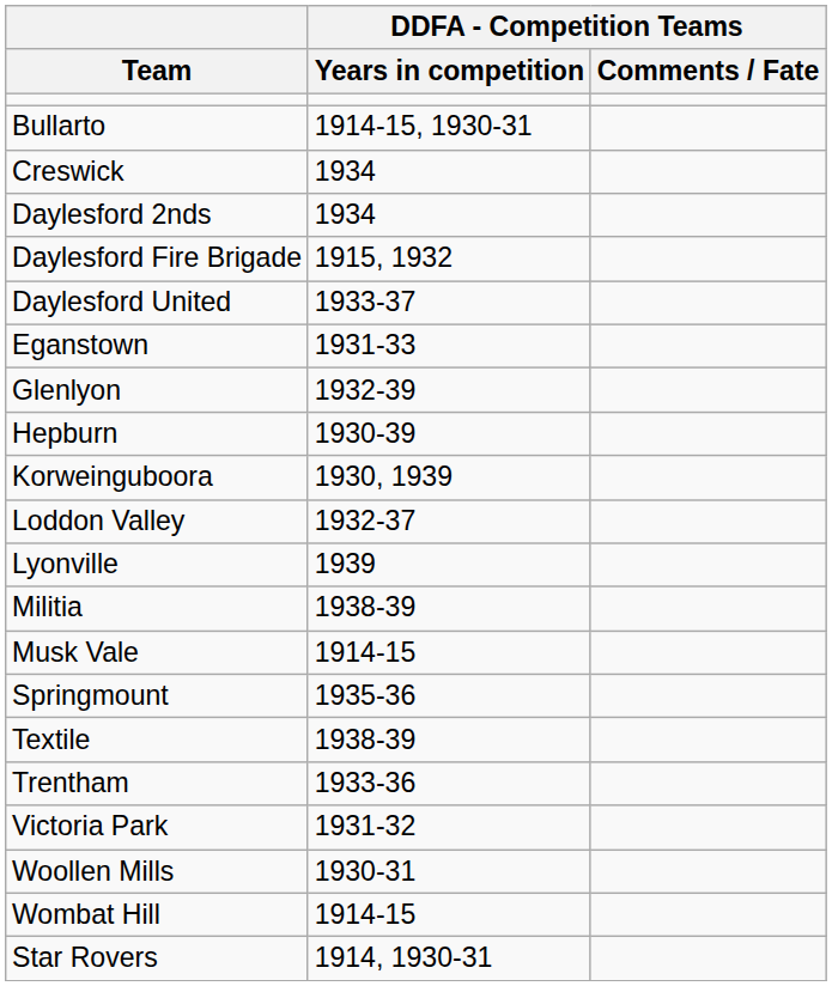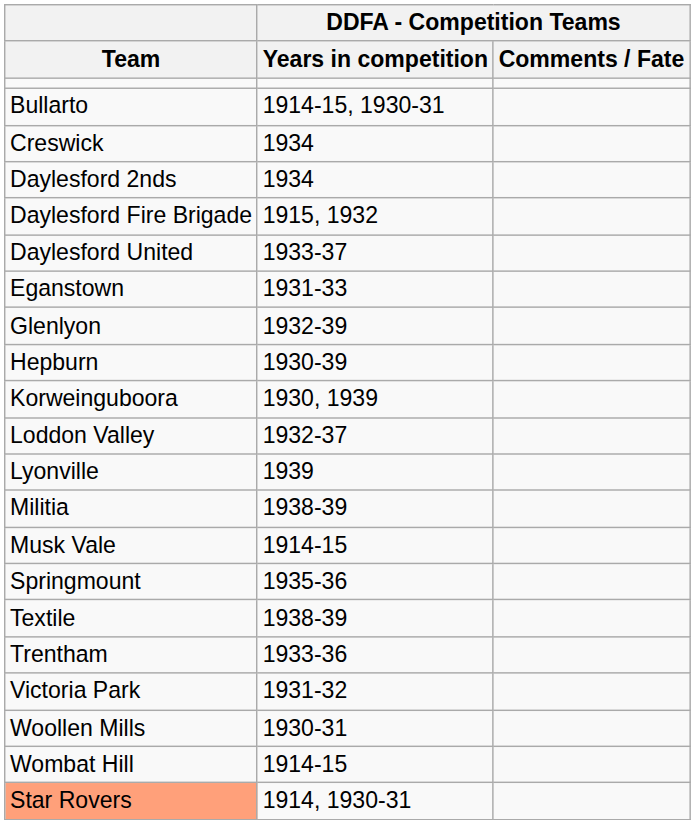 <table class="wikitable collapsible collapsed">
 <tr>
 <th></th>
 <th colspan=9>DDFA - Competition Teams</th>
 </tr>
 <tr>
 <th>Team</th>
 <th>Years in competition</th>
 <th>Comments / Fate</th>
 </tr>
 <tr>
 <td></td>
 <td></td>
 <td></td>
 </tr>
 <tr>
 <td>Bullarto</td>
 <td>1914-15, 1930-31</td>
 <td></td>
 </tr>
 <tr>
 <td>Creswick</td>
 <td>1934</td>
 <td></td>
 </tr>
 <tr>
 <td>Daylesford 2nds</td>
 <td>1934</td>
 <td></td>
 </tr>
 <tr>
 <td>Daylesford Fire Brigade</td>
 <td>1915, 1932</td>
 <td></td>
 </tr>
 <tr>
 <td>Daylesford United</td>
 <td>1933-37</td>
 <td></td>
 </tr>
 <tr>
 <td>Eganstown</td>
 <td>1931-33</td>
 <td></td>
 </tr>
 <tr>
 <td>Glenlyon</td>
 <td>1932-39</td>
 <td></td>
 </tr>
 <tr>
 <td>Hepburn</td>
 <td>1930-39</td>
 <td></td>
 </tr>
 <tr>
 <td>Korweinguboora</td>
 <td>1930, 1939</td>
 <td></td>
 </tr>
 <tr>
 <td>Loddon Valley</td>
 <td>1932-37</td>
 <td></td>
 </tr>
 <tr>
 <td>Lyonville</td>
 <td>1939</td>
 <td></td>
 </tr>
 <tr>
 <td>Militia</td>
 <td>1938-39</td>
 <td></td>
 </tr>
 <tr>
 <td>Musk Vale</td>
 <td>1914-15</td>
 <td></td>
 </tr>
 <tr>
 <td>Springmount</td>
 <td>1935-36</td>
 <td></td>
 </tr>
 <tr>
 <td>Textile</td>
 <td>1938-39</td>
 <td></td>
 </tr>
 <tr>
 <td>Trentham</td>
 <td>1933-36</td>
 <td></td>
 </tr>
 <tr>
 <td>Victoria Park</td>
 <td>1931-32</td>
 <td></td>
 </tr>
 <tr>
 <td>Woollen Mills</td>
 <td>1930-31</td>
 <td></td>
 </tr>
 <tr>
 <td>Wombat Hill</td>
 <td>1914-15</td>
 <td></td>
 </tr>
 <tr>
-<td>Star Rovers</td>
+<td style="background: lightsalmon;">Star Rovers</td>
 <td>1914, 1930-31</td>
 <td></td>
 </tr>
 <tr>
 </tr>
 </table>
